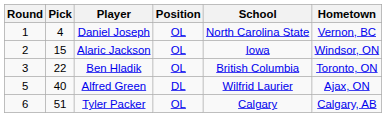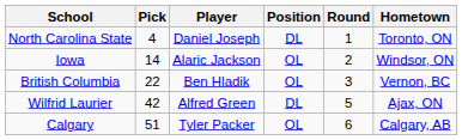 <table class="wikitable" style="font-size: 95%;">
 <tr>
-<th scope="col">Round</th>
+<th scope="col">School</th>
 <th scope="col">Pick</th>
 <th scope="col">Player</th>
 <th scope="col">Position</th>
-<th scope="col">School</th>
+<th scope="col">Round</th>
 <th scope="col">Hometown</th>
 </tr>
 <tr align="center">
-<td align=center>1</td>
+<td><a href='#'>North Carolina State</a></td>
 <td>4</td>
 <td><a href='#'>Daniel Joseph</a></td>
+<td><a href='#'>DL</a></td>
+<td align=center>1</td>
+<td><a href='#'>Toronto, ON</a></td>
+</tr>
+<tr align="center">
+<td><a href='#'>Iowa</a></td>
+<td>14</td>
+<td><a href='#'>Alaric Jackson</a></td>
 <td><a href='#'>OL</a></td>
-<td><a href='#'>North Carolina State</a></td>
+<td align=center>2</td>
+<td><a href='#'>Windsor, ON</a></td>
+</tr>
+<tr align="center">
+<td><a href='#'>British Columbia</a></td>
+<td>22</td>
+<td><a href='#'>Ben Hladik</a></td>
+<td><a href='#'>OL</a></td>
+<td align=center>3</td>
 <td><a href='#'>Vernon, BC</a></td>
 </tr>
 <tr align="center">
-<td align=center>2</td>
-<td>15</td>
-<td><a href='#'>Alaric Jackson</a></td>
-<td><a href='#'>OL</a></td>
-<td><a href='#'>Iowa</a></td>
-<td><a href='#'>Windsor, ON</a></td>
-</tr>
-<tr align="center">
-<td align=center>3</td>
-<td>22</td>
-<td><a href='#'>Ben Hladik</a></td>
-<td><a href='#'>OL</a></td>
-<td><a href='#'>British Columbia</a></td>
-<td><a href='#'>Toronto, ON</a></td>
-</tr>
-<tr align="center">
-<td align=center>5</td>
-<td>40</td>
+<td><a href='#'>Wilfrid Laurier</a></td>
+<td>42</td>
 <td><a href='#'>Alfred Green</a></td>
 <td><a href='#'>DL</a></td>
-<td><a href='#'>Wilfrid Laurier</a></td>
+<td align=center>5</td>
 <td><a href='#'>Ajax, ON</a></td>
 </tr>
 <tr align="center">
-<td align=center>6</td>
+<td><a href='#'>Calgary</a></td>
 <td>51</td>
 <td><a href='#'>Tyler Packer</a></td>
 <td><a href='#'>OL</a></td>
-<td><a href='#'>Calgary</a></td>
+<td align=center>6</td>
 <td><a href='#'>Calgary, AB</a></td>
 </tr>
 </table>
